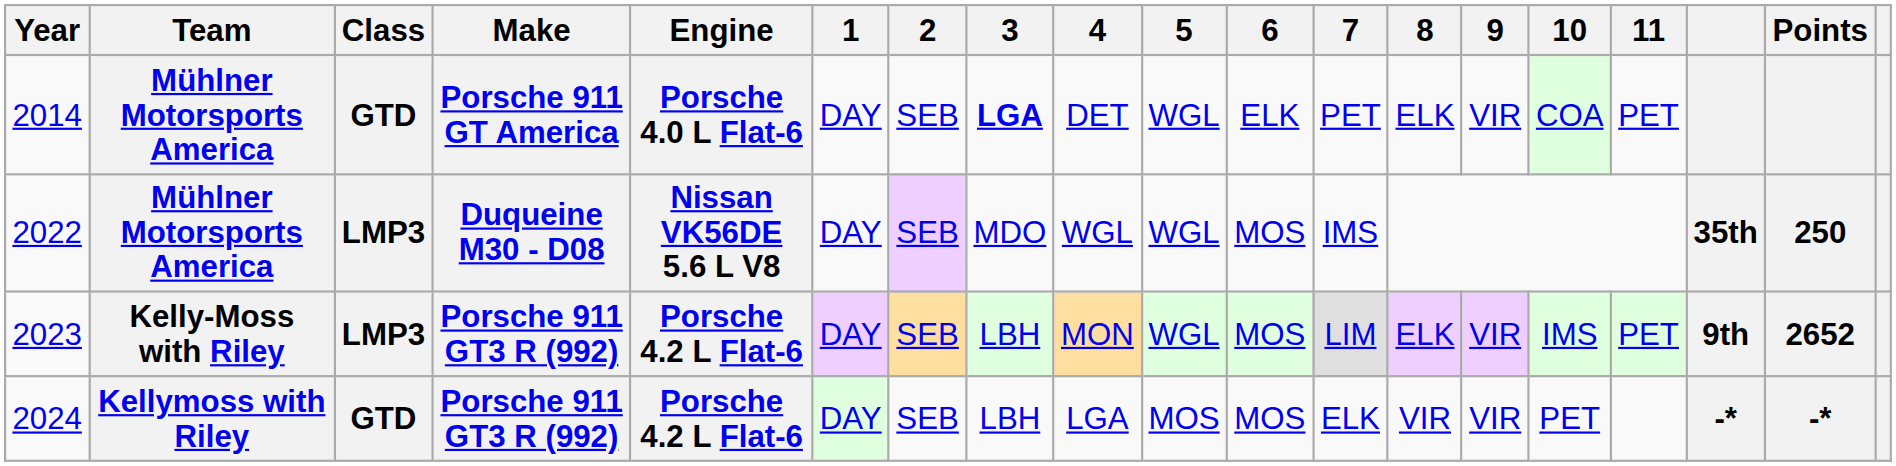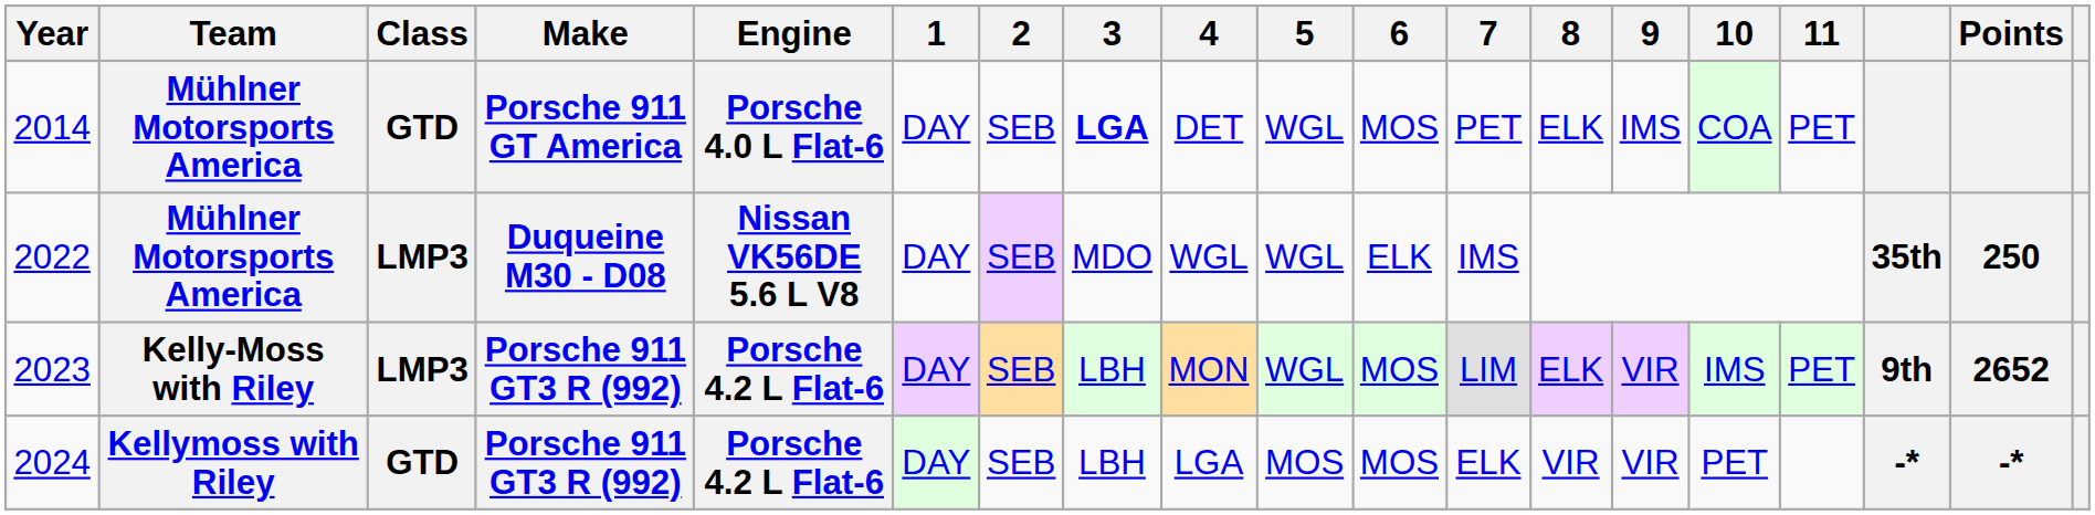 <table class="wikitable" style="text-align:center; font-size:90%">
 <tr>
 <th>Year</th>
 <th>Team</th>
 <th>Class</th>
 <th>Make</th>
 <th>Engine</th>
 <th>1</th>
 <th>2</th>
 <th>3</th>
 <th>4</th>
 <th>5</th>
 <th>6</th>
 <th>7</th>
 <th>8</th>
 <th>9</th>
 <th>10</th>
 <th>11</th>
 <th></th>
 <th>Points</th>
 <th></th>
 </tr>
 <tr>
 <td><a href='#'>2014</a></td>
 <th><a href='#'>Mühlner Motorsports America</a></th>
 <th>GTD</th>
 <th><a href='#'>Porsche 911 GT America</a></th>
 <th><a href='#'>Porsche</a> 4.0 L <a href='#'>Flat-6</a></th>
 <td><a href='#'>DAY</a></td>
 <td><a href='#'>SEB</a></td>
 <td><strong><a href='#'>LGA</a></strong></td>
 <td><a href='#'>DET</a></td>
 <td><a href='#'>WGL</a></td>
-<td style="background:"><a href='#'>ELK</a></td>
+<td><a href='#'>MOS</a></td>
 <td style="background:"><a href='#'>PET</a></td>
 <td><a href='#'>ELK</a></td>
-<td><a href='#'>VIR</a></td>
+<td><a href='#'>IMS</a></td>
 <td style="background:#DFFFDF;"><a href='#'>COA</a><br></td>
 <td><a href='#'>PET</a></td>
 <th></th>
 <th></th>
 <th></th>
 </tr>
 <tr>
 <td><a href='#'>2022</a></td>
 <th><a href='#'>Mühlner Motorsports America</a></th>
 <th>LMP3</th>
 <th><a href='#'>Duqueine M30 - D08</a></th>
 <th><a href='#'>Nissan VK56DE</a> 5.6 L V8</th>
 <td><a href='#'>DAY</a></td>
 <td style="background:#EFCFFF;"><a href='#'>SEB</a><br></td>
 <td style="background:"><a href='#'>MDO</a></td>
 <td style="background:"><a href='#'>WGL</a></td>
 <td><a href='#'>WGL</a></td>
-<td><a href='#'>MOS</a></td>
+<td style="background:"><a href='#'>ELK</a></td>
 <td><a href='#'>IMS</a></td>
 <td colspan="4"></td>
 <th>35th</th>
 <th>250</th>
 <th></th>
 </tr>
 <tr>
 <td><a href='#'>2023</a></td>
 <th>Kelly-Moss with <a href='#'>Riley</a></th>
 <th>LMP3</th>
 <th><a href='#'>Porsche 911 GT3 R (992)</a></th>
 <th><a href='#'>Porsche</a> 4.2 L <a href='#'>Flat-6</a></th>
 <td style="background:#EFCFFF;"><a href='#'>DAY</a><br></td>
 <td style="background:#FFDF9F;"><a href='#'>SEB</a><br></td>
 <td style="background:#DFFFDF;"><a href='#'>LBH</a><br></td>
 <td style="background:#FFDF9F;”"><a href='#'>MON</a><br></td>
 <td style="background:#DFFFDF;"><a href='#'>WGL</a><br></td>
 <td style="background:#DFFFDF;"><a href='#'>MOS</a><br></td>
 <td style="background:#DFDFDF;”"><a href='#'>LIM</a><br></td>
 <td style="background:#EFCFFF;"><a href='#'>ELK</a><br></td>
 <td style="background:#EFCFFF;"><a href='#'>VIR</a><br></td>
 <td style="background:#DFFFDF;"><a href='#'>IMS</a><br></td>
 <td style="background:#DFFFDF;"><a href='#'>PET</a><br></td>
 <th>9th</th>
 <th>2652</th>
 <th></th>
 </tr>
 <tr>
 <td><a href='#'>2024</a></td>
 <th><a href='#'>Kellymoss with Riley</a></th>
 <th>GTD</th>
 <th><a href='#'>Porsche 911 GT3 R (992)</a></th>
 <th><a href='#'>Porsche</a> 4.2 L <a href='#'>Flat-6</a></th>
 <td style="background:#DFFFDF;"><a href='#'>DAY</a><br></td>
 <td><a href='#'>SEB</a></td>
 <td><a href='#'>LBH</a></td>
 <td><a href='#'>LGA</a></td>
 <td style="background:"><a href='#'>MOS</a></td>
 <td><a href='#'>MOS</a></td>
 <td><a href='#'>ELK</a></td>
 <td><a href='#'>VIR</a></td>
 <td><a href='#'>VIR</a></td>
 <td><a href='#'>PET</a></td>
 <td></td>
 <th>-*</th>
 <th>-*</th>
 <th></th>
 </tr>
 </table>
